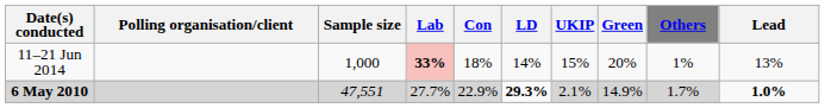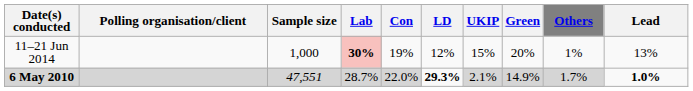 <table class="wikitable sortable" style="text-align:center;font-size:90%;line-height:14px">
 <tr>
 <th ! style="width:75px;">Date(s)<br>conducted</th>
 <th style="width:200px;">Polling organisation/client</th>
 <th class="unsortable" style="width:75px;">Sample size</th>
 <th class="unsortable" style="background:"><a href='#'><span>Lab</span></a></th>
 <th class="unsortable" style="background:"><a href='#'><span>Con</span></a></th>
 <th class="unsortable" style="background:"><a href='#'><span>LD</span></a></th>
 <th class="unsortable" style="background:"><a href='#'><span>UKIP</span></a></th>
 <th class="unsortable" style="background:"><a href='#'><span>Green</span></a></th>
 <th class="unsortable" style="background:gray; width:60px;"><a href='#'><span>Others</span></a></th>
 <th class="unsortable" style="width:85px;">Lead</th>
 </tr>
 <tr>
 <td>11–21 Jun 2014</td>
 <td></td>
 <td>1,000</td>
-<td style="background:#F8C1BE"><strong>33%</strong></td>
-<td>18%</td>
-<td>14%</td>
+<td style="background:#F8C1BE"><strong>30%</strong></td>
+<td>19%</td>
+<td>12%</td>
 <td>15%</td>
 <td>20%</td>
 <td>1%</td>
 <td style="background:">13%</td>
 </tr>
 <tr>
 <td style="background:#D5D5D5"><strong>6 May 2010</strong></td>
 <td style="background:#D5D5D5"></td>
 <td style="background:#D5D5D5"><em>47,551</em></td>
-<td style="background:#D5D5D5">27.7%</td>
-<td style="background:#D5D5D5">22.9%</td>
+<td style="background:#D5D5D5">28.7%</td>
+<td style="background:#D5D5D5">22.0%</td>
 <td style="background:"><strong>29.3%</strong></td>
 <td style="background:#D5D5D5">2.1%</td>
 <td style="background:#D5D5D5">14.9%</td>
 <td style="background:#D5D5D5">1.7%</td>
 <td style="background:"><strong>1.0% </strong></td>
 </tr>
 </table>
